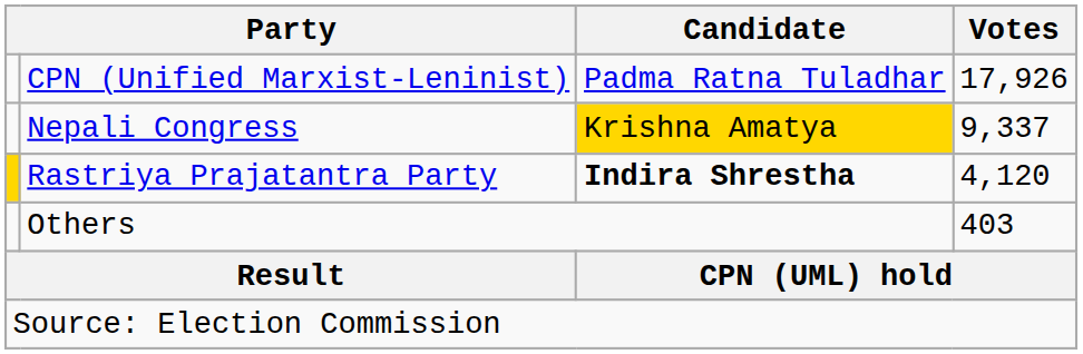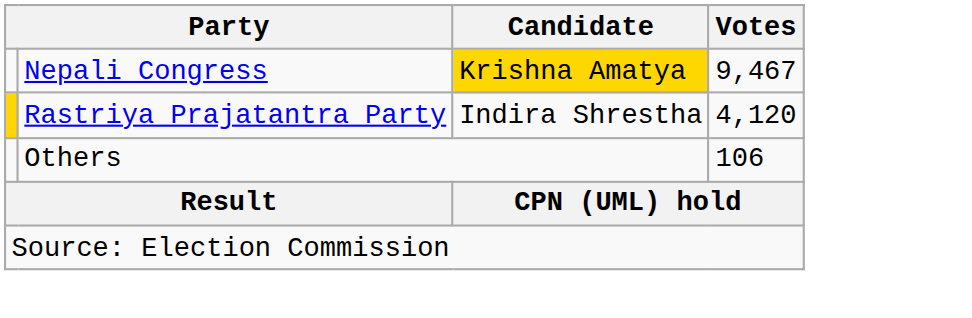 <table class="wikitable">
 <tr>
 <th colspan="2">Party</th>
 <th>Candidate</th>
 <th>Votes</th>
 </tr>
 <tr>
 <td style="background-color:"></td>
-<td><a href='#'>CPN (Unified Marxist-Leninist)</a></td>
-<td><a href='#'>Padma Ratna Tuladhar</a></td>
-<td>17,926</td>
-</tr>
-<tr>
-<td style="background-color:"></td>
 <td><a href='#'>Nepali Congress</a></td>
 <td style="background: gold;">Krishna Amatya</td>
-<td>9,337</td>
+<td>9,467</td>
 </tr>
 <tr>
 <td style="background-color:gold"></td>
 <td><a href='#'>Rastriya Prajatantra Party</a></td>
-<td><strong>Indira Shrestha</strong></td>
+<td>Indira Shrestha</td>
 <td>4,120</td>
 </tr>
 <tr>
 <td></td>
 <td colspan="2">Others</td>
-<td>403</td>
+<td>106</td>
 </tr>
 <tr>
 <th colspan="2">Result</th>
 <th colspan="2">CPN (UML) hold</th>
 </tr>
 <tr>
 <td colspan="4">Source: Election Commission</td>
 </tr>
 </table>
